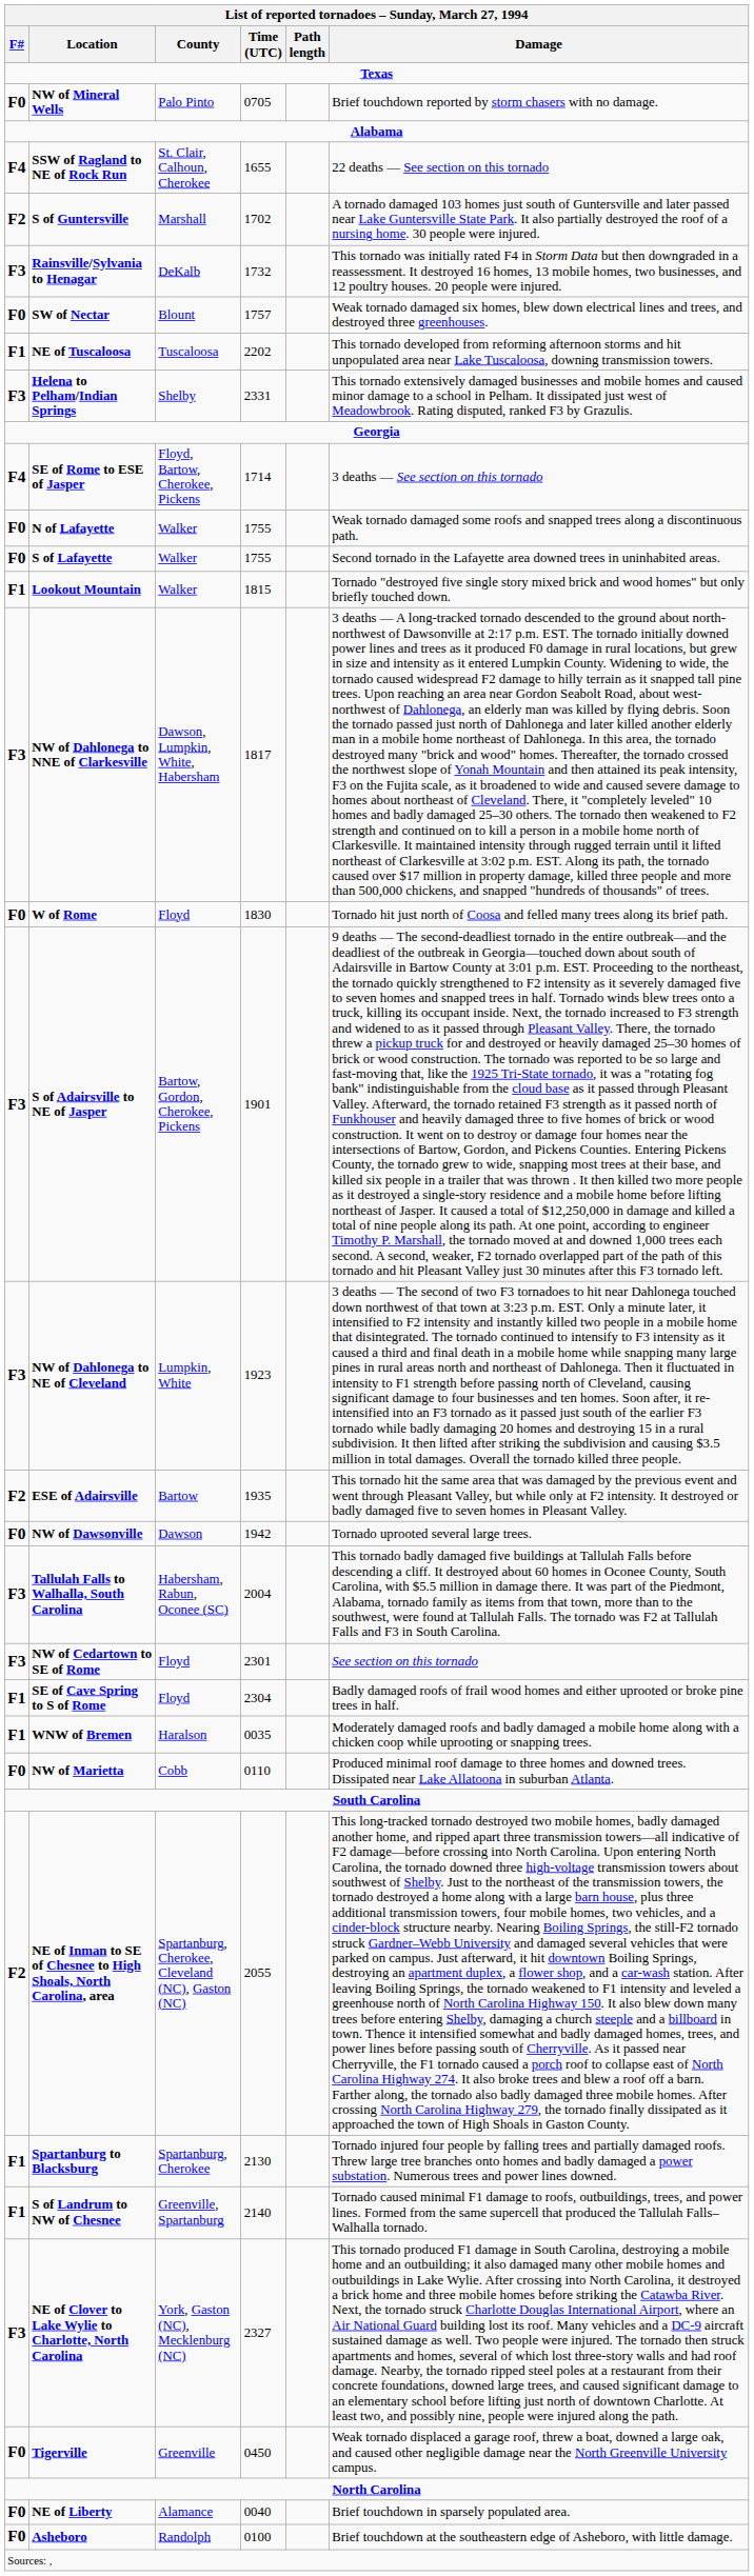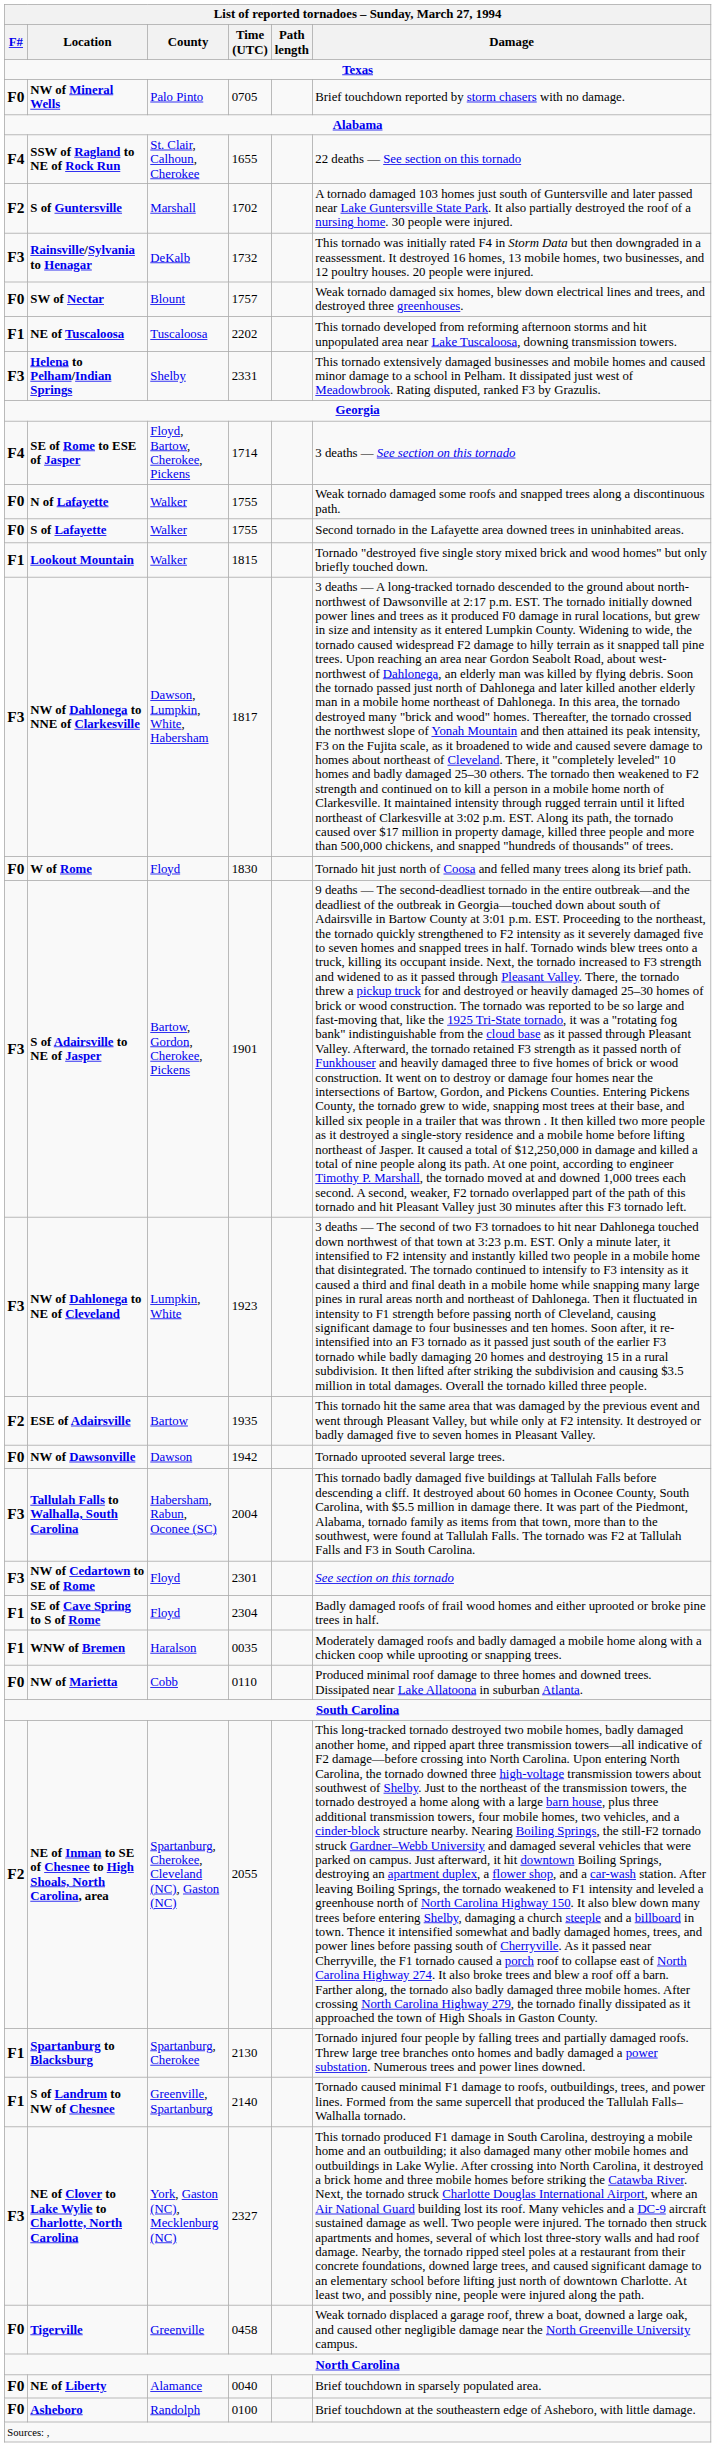 <table class="wikitable collapsible" width="100%">
 <tr>
 <th colspan="6">List of reported tornadoes – Sunday, March 27, 1994</th>
 </tr>
 <tr>
 <th><a href='#'>F#</a></th>
 <th>Location</th>
 <th>County</th>
 <th>Time (UTC)</th>
 <th>Path length</th>
 <th>Damage</th>
 </tr>
 <tr>
 <td colspan="7" align=center><strong><a href='#'>Texas</a></strong></td>
 </tr>
 <tr>
 <td><big><strong>F0</strong></big></td>
 <td><strong>NW of <a href='#'>Mineral Wells</a></strong></td>
 <td><a href='#'>Palo Pinto</a></td>
 <td>0705</td>
 <td></td>
 <td>Brief touchdown reported by <a href='#'>storm chasers</a> with no damage.</td>
 </tr>
 <tr>
 <td colspan="7" align=center><strong><a href='#'>Alabama</a></strong></td>
 </tr>
 <tr>
 <td><big><strong>F4</strong></big></td>
 <td><strong>SSW of <a href='#'>Ragland</a> to NE of <a href='#'>Rock Run</a></strong></td>
 <td><a href='#'>St. Clair</a>, <a href='#'>Calhoun</a>, <a href='#'>Cherokee</a></td>
 <td>1655</td>
 <td></td>
 <td>22 deaths — <a href='#'>See section on this tornado</a></td>
 </tr>
 <tr>
 <td><big><strong>F2</strong></big></td>
 <td><strong>S of <a href='#'>Guntersville</a></strong></td>
 <td><a href='#'>Marshall</a></td>
 <td>1702</td>
 <td></td>
 <td>A tornado damaged 103 homes just south of Guntersville and later passed near <a href='#'>Lake Guntersville State Park</a>. It also partially destroyed the roof of a <a href='#'>nursing home</a>. 30 people were injured.</td>
 </tr>
 <tr>
 <td><big><strong>F3</strong></big></td>
 <td><strong><a href='#'>Rainsville</a>/<a href='#'>Sylvania</a> to <a href='#'>Henagar</a></strong></td>
 <td><a href='#'>DeKalb</a></td>
 <td>1732</td>
 <td></td>
 <td>This tornado was initially rated F4 in <em>Storm Data</em> but then downgraded in a reassessment. It destroyed 16 homes, 13 mobile homes, two businesses, and 12 poultry houses. 20 people were injured.</td>
 </tr>
 <tr>
 <td><big><strong>F0</strong></big></td>
 <td><strong>SW of <a href='#'>Nectar</a></strong></td>
 <td><a href='#'>Blount</a></td>
 <td>1757</td>
 <td></td>
 <td>Weak tornado damaged six homes, blew down electrical lines and trees, and destroyed three <a href='#'>greenhouses</a>.</td>
 </tr>
 <tr>
 <td><big><strong>F1</strong></big></td>
 <td><strong>NE of <a href='#'>Tuscaloosa</a></strong></td>
 <td><a href='#'>Tuscaloosa</a></td>
 <td>2202</td>
 <td></td>
 <td>This tornado developed from reforming afternoon storms and hit unpopulated area near <a href='#'>Lake Tuscaloosa</a>, downing transmission towers.</td>
 </tr>
 <tr>
 <td><big><strong>F3</strong></big></td>
 <td><strong><a href='#'>Helena</a> to <a href='#'>Pelham</a>/<a href='#'>Indian Springs</a></strong></td>
 <td><a href='#'>Shelby</a></td>
 <td>2331</td>
 <td></td>
 <td>This tornado extensively damaged businesses and mobile homes and caused minor damage to a school in Pelham. It dissipated just west of <a href='#'>Meadowbrook</a>. Rating disputed, ranked F3 by Grazulis.</td>
 </tr>
 <tr>
 <td colspan="7" align=center><strong><a href='#'>Georgia</a></strong></td>
 </tr>
 <tr>
 <td><big><strong>F4</strong></big></td>
 <td><strong>SE of <a href='#'>Rome</a> to ESE of <a href='#'>Jasper</a></strong></td>
 <td><a href='#'>Floyd</a>, <a href='#'>Bartow</a>, <a href='#'>Cherokee</a>, <a href='#'>Pickens</a></td>
 <td>1714</td>
 <td></td>
 <td>3 deaths — <em><a href='#'>See section on this tornado</a></em></td>
 </tr>
 <tr>
 <td><big><strong>F0</strong></big></td>
 <td><strong>N of <a href='#'>Lafayette</a></strong></td>
 <td><a href='#'>Walker</a></td>
 <td>1755</td>
 <td></td>
 <td>Weak tornado damaged some roofs and snapped trees along a discontinuous path.</td>
 </tr>
 <tr>
 <td><big><strong>F0</strong></big></td>
 <td><strong>S of <a href='#'>Lafayette</a></strong></td>
 <td><a href='#'>Walker</a></td>
 <td>1755</td>
 <td></td>
 <td>Second tornado in the Lafayette area downed trees in uninhabited areas.</td>
 </tr>
 <tr>
 <td><big><strong>F1</strong></big></td>
 <td><strong><a href='#'>Lookout Mountain</a></strong></td>
 <td><a href='#'>Walker</a></td>
 <td>1815</td>
 <td></td>
 <td>Tornado "destroyed five single story mixed brick and wood homes" but only briefly touched down.</td>
 </tr>
 <tr>
 <td><big><strong>F3</strong></big></td>
 <td><strong>NW of <a href='#'>Dahlonega</a> to NNE of <a href='#'>Clarkesville</a></strong></td>
 <td><a href='#'>Dawson</a>, <a href='#'>Lumpkin</a>, <a href='#'>White</a>, <a href='#'>Habersham</a></td>
 <td>1817</td>
 <td></td>
 <td>3 deaths — A long-tracked tornado descended to the ground about  north-northwest of Dawsonville at 2:17 p.m. EST. The tornado initially downed power lines and trees as it produced F0 damage in rural locations, but grew in size and intensity as it entered Lumpkin County. Widening to  wide, the tornado caused widespread F2 damage to hilly terrain as it snapped  tall pine trees. Upon reaching an area near Gordon Seabolt Road, about  west-northwest of <a href='#'>Dahlonega</a>, an elderly man was killed by flying debris. Soon the tornado passed just  north of Dahlonega and later killed another elderly man in a mobile home  northeast of Dahlonega. In this area, the tornado destroyed many "brick and wood" homes. Thereafter, the tornado crossed the northwest slope of <a href='#'>Yonah Mountain</a> and then attained its peak intensity, F3 on the Fujita scale, as it broadened to  wide and caused severe damage to homes about  northeast of <a href='#'>Cleveland</a>. There, it "completely leveled" 10 homes and badly damaged 25–30 others. The tornado then weakened to F2 strength and continued on to kill a person in a mobile home  north of Clarkesville. It maintained intensity through rugged terrain until it lifted  northeast of Clarkesville at 3:02 p.m. EST. Along its path, the tornado caused over $17 million in property damage, killed three people and more than 500,000 chickens, and snapped "hundreds of thousands" of trees.</td>
 </tr>
 <tr>
 <td><big><strong>F0</strong></big></td>
 <td><strong>W of <a href='#'>Rome</a></strong></td>
 <td><a href='#'>Floyd</a></td>
 <td>1830</td>
 <td></td>
 <td>Tornado hit just north of <a href='#'>Coosa</a> and felled many trees along its brief path.</td>
 </tr>
 <tr>
 <td><big><strong>F3</strong></big></td>
 <td><strong>S of <a href='#'>Adairsville</a> to NE of <a href='#'>Jasper</a></strong></td>
 <td><a href='#'>Bartow</a>, <a href='#'>Gordon</a>, <a href='#'>Cherokee</a>, <a href='#'>Pickens</a></td>
 <td>1901</td>
 <td></td>
 <td>9 deaths — The second-deadliest tornado in the entire outbreak—and the deadliest of the outbreak in Georgia—touched down about  south of Adairsville in Bartow County at 3:01 p.m. EST. Proceeding to the northeast, the tornado quickly strengthened to F2 intensity as it severely damaged five to seven homes and snapped trees in half. Tornado winds blew trees onto a truck, killing its occupant inside. Next, the tornado increased to F3 strength and widened to  as it passed through <a href='#'>Pleasant Valley</a>. There, the tornado threw a  <a href='#'>pickup truck</a> for  and destroyed or heavily damaged 25–30 homes of brick or wood construction. The tornado was reported to be so large and fast-moving that, like the <a href='#'>1925 Tri-State tornado</a>, it was a "rotating fog bank" indistinguishable from the <a href='#'>cloud base</a> as it passed through Pleasant Valley. Afterward, the tornado retained F3 strength as it passed  north of <a href='#'>Funkhouser</a> and heavily damaged three to five homes of brick or wood construction. It went on to destroy or damage four homes near the intersections of Bartow, Gordon, and Pickens Counties. Entering Pickens County, the tornado grew to  wide, snapping most trees at their base, and killed six people in a trailer that was thrown . It then killed two more people as it destroyed a single-story residence and a mobile home before lifting  northeast of Jasper. It caused a total of $12,250,000 in damage and killed a total of nine people along its path. At one point, according to engineer <a href='#'>Timothy P. Marshall</a>, the tornado moved at  and downed 1,000 trees each second. A second, weaker, F2 tornado overlapped part of the path of this tornado and hit Pleasant Valley just 30 minutes after this F3 tornado left.</td>
 </tr>
 <tr>
 <td><big><strong>F3</strong></big></td>
 <td><strong>NW of <a href='#'>Dahlonega</a> to NE of <a href='#'>Cleveland</a></strong></td>
 <td><a href='#'>Lumpkin</a>, <a href='#'>White</a></td>
 <td>1923</td>
 <td></td>
 <td>3 deaths — The second of two F3 tornadoes to hit near Dahlonega touched down  northwest of that town at 3:23 p.m. EST. Only a minute later, it intensified to F2 intensity and instantly killed two people in a mobile home that disintegrated. The tornado continued to intensify to F3 intensity as it caused a third and final death in a mobile home while snapping many large pines in rural areas north and northeast of Dahlonega. Then it fluctuated in intensity to F1 strength before passing  north of Cleveland, causing significant damage to four businesses and ten homes. Soon after, it re-intensified into an F3 tornado as it passed just  south of the earlier F3 tornado while badly damaging 20 homes and destroying 15 in a rural subdivision. It then lifted after striking the subdivision and causing $3.5 million in total damages. Overall the tornado killed three people.</td>
 </tr>
 <tr>
 <td><big><strong>F2</strong></big></td>
 <td><strong>ESE of <a href='#'>Adairsville</a></strong></td>
 <td><a href='#'>Bartow</a></td>
 <td>1935</td>
 <td></td>
 <td>This tornado hit the same area that was damaged by the previous event and went through Pleasant Valley, but while only at F2 intensity. It destroyed or badly damaged five to seven homes in Pleasant Valley.</td>
 </tr>
 <tr>
 <td><big><strong>F0</strong></big></td>
 <td><strong>NW of <a href='#'>Dawsonville</a></strong></td>
 <td><a href='#'>Dawson</a></td>
 <td>1942</td>
 <td></td>
 <td>Tornado uprooted several large trees.</td>
 </tr>
 <tr>
 <td><big><strong>F3</strong></big></td>
 <td><strong><a href='#'>Tallulah Falls</a> to <a href='#'>Walhalla, South Carolina</a></strong></td>
 <td><a href='#'>Habersham</a>, <a href='#'>Rabun</a>, <a href='#'>Oconee (SC)</a></td>
 <td>2004</td>
 <td></td>
 <td>This tornado badly damaged five buildings at Tallulah Falls before descending a  cliff. It destroyed about 60 homes in Oconee County, South Carolina, with $5.5 million in damage there. It was part of the Piedmont, Alabama, tornado family as items from that town, more than  to the southwest, were found at Tallulah Falls. The tornado was F2 at Tallulah Falls and F3 in South Carolina.</td>
 </tr>
 <tr>
 <td><big><strong>F3</strong></big></td>
 <td><strong>NW of <a href='#'>Cedartown</a> to SE of <a href='#'>Rome</a></strong></td>
 <td><a href='#'>Floyd</a></td>
 <td>2301</td>
 <td></td>
 <td><em><a href='#'>See section on this tornado</a></em></td>
 </tr>
 <tr>
 <td><big><strong>F1</strong></big></td>
 <td><strong>SE of <a href='#'>Cave Spring</a> to S of <a href='#'>Rome</a></strong></td>
 <td><a href='#'>Floyd</a></td>
 <td>2304</td>
 <td></td>
 <td>Badly damaged roofs of frail wood homes and either uprooted or broke pine trees in half.</td>
 </tr>
 <tr>
 <td><big><strong>F1</strong></big></td>
 <td><strong>WNW of <a href='#'>Bremen</a></strong></td>
 <td><a href='#'>Haralson</a></td>
 <td>0035</td>
 <td></td>
 <td>Moderately damaged roofs and badly damaged a mobile home along with a chicken coop while uprooting or snapping trees.</td>
 </tr>
 <tr>
 <td><big><strong>F0</strong></big></td>
 <td><strong>NW of <a href='#'>Marietta</a></strong></td>
 <td><a href='#'>Cobb</a></td>
 <td>0110</td>
 <td></td>
 <td>Produced minimal roof damage to three homes and downed trees. Dissipated near <a href='#'>Lake Allatoona</a> in suburban <a href='#'>Atlanta</a>.</td>
 </tr>
 <tr>
 <td colspan="7" align=center><strong><a href='#'>South Carolina</a></strong></td>
 </tr>
 <tr>
 <td><big><strong>F2</strong></big></td>
 <td><strong>NE of <a href='#'>Inman</a> to SE of <a href='#'>Chesnee</a></strong> <strong>to <a href='#'>High Shoals, North Carolina</a>, area</strong></td>
 <td><a href='#'>Spartanburg</a>, <a href='#'>Cherokee</a>, <a href='#'>Cleveland (NC)</a>, <a href='#'>Gaston (NC)</a></td>
 <td>2055</td>
 <td></td>
 <td>This long-tracked tornado destroyed two mobile homes, badly damaged another home, and ripped apart three transmission towers—all indicative of F2 damage—before crossing into North Carolina. Upon entering North Carolina, the tornado downed three <a href='#'>high-voltage</a> transmission towers about  southwest of <a href='#'>Shelby</a>. Just  to the northeast of the transmission towers, the tornado destroyed a home along with a large <a href='#'>barn house</a>, plus three additional transmission towers, four mobile homes, two vehicles, and a <a href='#'>cinder-block</a> structure nearby. Nearing <a href='#'>Boiling Springs</a>, the still-F2 tornado struck <a href='#'>Gardner–Webb University</a> and damaged several vehicles that were parked on campus. Just afterward, it hit <a href='#'>downtown</a> Boiling Springs, destroying an <a href='#'>apartment duplex</a>, a <a href='#'>flower shop</a>, and a <a href='#'>car-wash</a> station. After leaving Boiling Springs, the tornado weakened to F1 intensity and leveled a greenhouse north of <a href='#'>North Carolina Highway 150</a>. It also blew down many trees before entering <a href='#'>Shelby</a>, damaging a church <a href='#'>steeple</a> and a <a href='#'>billboard</a> in town. Thence it intensified somewhat and badly damaged homes, trees, and power lines before passing  south of <a href='#'>Cherryville</a>. As it passed near Cherryville, the F1 tornado caused a <a href='#'>porch</a> roof to collapse east of <a href='#'>North Carolina Highway 274</a>. It also broke trees and blew a roof off a barn. Farther along, the tornado also badly damaged three mobile homes. After crossing <a href='#'>North Carolina Highway 279</a>, the tornado finally dissipated as it approached the town of High Shoals in Gaston County.</td>
 </tr>
 <tr>
 <td><big><strong>F1</strong></big></td>
 <td><strong><a href='#'>Spartanburg</a> to <a href='#'>Blacksburg</a></strong></td>
 <td><a href='#'>Spartanburg</a>, <a href='#'>Cherokee</a></td>
 <td>2130</td>
 <td></td>
 <td>Tornado injured four people by falling trees and partially damaged roofs. Threw large tree branches onto homes and badly damaged a <a href='#'>power substation</a>. Numerous trees and power lines downed.</td>
 </tr>
 <tr>
 <td><big><strong>F1</strong></big></td>
 <td><strong>S of <a href='#'>Landrum</a> to NW of <a href='#'>Chesnee</a></strong></td>
 <td><a href='#'>Greenville</a>, <a href='#'>Spartanburg</a></td>
 <td>2140</td>
 <td></td>
 <td>Tornado caused minimal F1 damage to roofs, outbuildings, trees, and power lines. Formed from the same supercell that produced the Tallulah Falls–Walhalla tornado.</td>
 </tr>
 <tr>
 <td><big><strong>F3</strong></big></td>
 <td><strong>NE of <a href='#'>Clover</a></strong> <strong>to <a href='#'>Lake Wylie</a> to <a href='#'>Charlotte, North Carolina</a></strong></td>
 <td><a href='#'>York</a>, <a href='#'>Gaston (NC)</a>, <a href='#'>Mecklenburg (NC)</a></td>
 <td>2327</td>
 <td></td>
 <td>This tornado produced F1 damage in South Carolina, destroying a mobile home and an outbuilding; it also damaged many other mobile homes and outbuildings in Lake Wylie.  After crossing into North Carolina, it destroyed a brick home and three mobile homes before striking the <a href='#'>Catawba River</a>. Next, the tornado struck <a href='#'>Charlotte Douglas International Airport</a>, where an <a href='#'>Air National Guard</a> building lost its roof. Many vehicles and a <a href='#'>DC-9</a> aircraft sustained damage as well. Two people were injured. The tornado then struck apartments and homes, several of which lost three-story walls and had roof damage. Nearby, the tornado ripped steel poles at a restaurant from their concrete foundations, downed large trees, and caused significant damage to an elementary school before lifting just north of downtown Charlotte. At least two, and possibly nine, people were injured along the path.</td>
 </tr>
 <tr>
 <td><big><strong>F0</strong></big></td>
 <td><strong><a href='#'>Tigerville</a></strong></td>
 <td><a href='#'>Greenville</a></td>
-<td>0450</td>
+<td>0458</td>
 <td></td>
 <td>Weak tornado displaced a garage roof, threw a boat, downed a large oak, and caused other negligible damage near the <a href='#'>North Greenville University</a> campus.</td>
 </tr>
 <tr>
 <td colspan="7" align=center><strong><a href='#'>North Carolina</a></strong></td>
 </tr>
 <tr>
 <td><big><strong>F0</strong></big></td>
 <td><strong>NE of <a href='#'>Liberty</a></strong></td>
 <td><a href='#'>Alamance</a></td>
 <td>0040</td>
 <td></td>
 <td>Brief touchdown in sparsely populated area.</td>
 </tr>
 <tr>
 <td><big><strong>F0</strong></big></td>
 <td><strong><a href='#'>Asheboro</a></strong></td>
 <td><a href='#'>Randolph</a></td>
 <td>0100</td>
 <td></td>
 <td>Brief touchdown at the southeastern edge of Asheboro, with little damage.</td>
 </tr>
 <tr>
 <td colspan="7"><small>Sources: , </small></td>
 </tr>
 </table>
